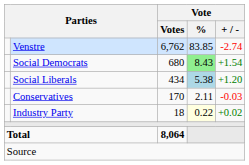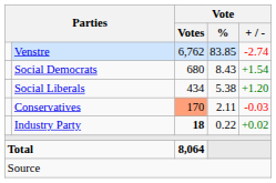 <table class="wikitable" style="text-align:right;">
 <tr>
 <th style="text-align:centre;" rowspan="2" colspan="2" width="225">Parties</th>
 <th colspan="3">Vote</th>
 </tr>
 <tr>
 <th width="15">Votes</th>
 <th width="15">%</th>
 <th width="15">+ / -</th>
 </tr>
 <tr>
 <td width="2" style="color:inherit;background:"></td>
 <td bgcolor=#cfe5fe  align="left"><a href='#'>Venstre</a></td>
 <td bgcolor=#cfe5fe>6,762</td>
 <td bgcolor=#cfe5fe>83.85</td>
 <td style=color:red;>-2.74</td>
 </tr>
 <tr>
 <td width="2" style="color:inherit;background:"></td>
 <td align="left"><a href='#'>Social Democrats</a></td>
 <td>680</td>
-<td style="background: lightgreen;">8.43</td>
+<td>8.43</td>
 <td style=color:green;>+1.54</td>
 </tr>
 <tr>
 <td width="2" style="color:inherit;background:"></td>
 <td align="left"><a href='#'>Social Liberals</a></td>
 <td>434</td>
-<td style="background: lightblue;">5.38</td>
+<td>5.38</td>
 <td style=color:green;>+1.20</td>
 </tr>
 <tr>
 <td width="2" style="color:inherit;background:"></td>
 <td align="left"><a href='#'>Conservatives</a></td>
-<td>170</td>
+<td style="background: lightsalmon;">170</td>
 <td>2.11</td>
 <td style=color:red;>-0.03</td>
 </tr>
 <tr>
 <td width="2" style="color:inherit;background:"></td>
 <td align="left"><a href='#'>Industry Party</a></td>
-<td>18</td>
-<td style="background: lightyellow;">0.22</td>
+<td><strong>18</strong></td>
+<td>0.22</td>
 <td style=color:green;>+0.02</td>
 </tr>
 <tr>
 <td colspan="7" bgcolor="#E9E9E9"></td>
 </tr>
 <tr>
 <td align="left" colspan="2"><strong>Total</strong></td>
 <td><strong>8,064</strong></td>
 <td bgcolor="#E9E9E9" colspan="2"></td>
 </tr>
 <tr>
 <td align="left" colspan="6">Source</td>
 </tr>
 </table>
